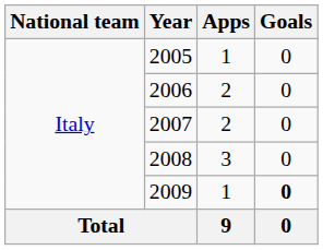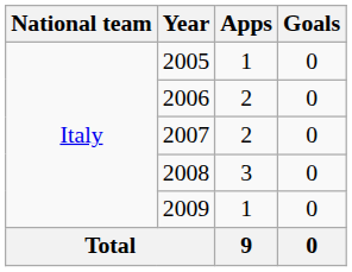 <table class="wikitable" style="text-align:center">
 <tr>
 <th>National team</th>
 <th>Year</th>
 <th>Apps</th>
 <th>Goals</th>
 </tr>
 <tr>
 <td rowspan="5"><a href='#'>Italy</a></td>
 <td>2005</td>
 <td>1</td>
 <td>0</td>
 </tr>
 <tr>
 <td>2006</td>
 <td>2</td>
 <td>0</td>
 </tr>
 <tr>
 <td>2007</td>
 <td>2</td>
 <td>0</td>
 </tr>
 <tr>
 <td>2008</td>
 <td>3</td>
 <td>0</td>
 </tr>
 <tr>
 <td>2009</td>
 <td>1</td>
-<td><strong>0</strong></td>
+<td>0</td>
 </tr>
 <tr>
 <th colspan="2">Total</th>
 <th>9</th>
 <th>0</th>
 </tr>
 </table>
